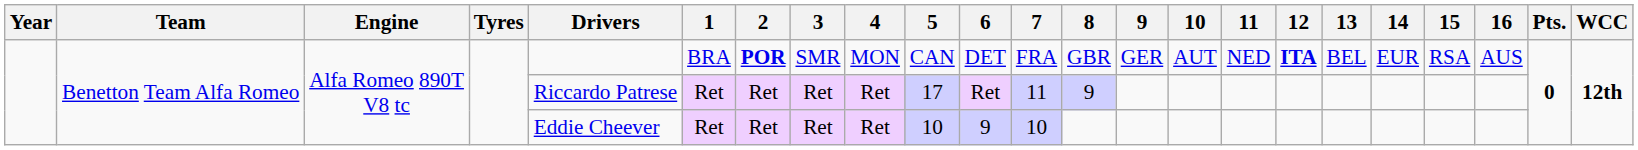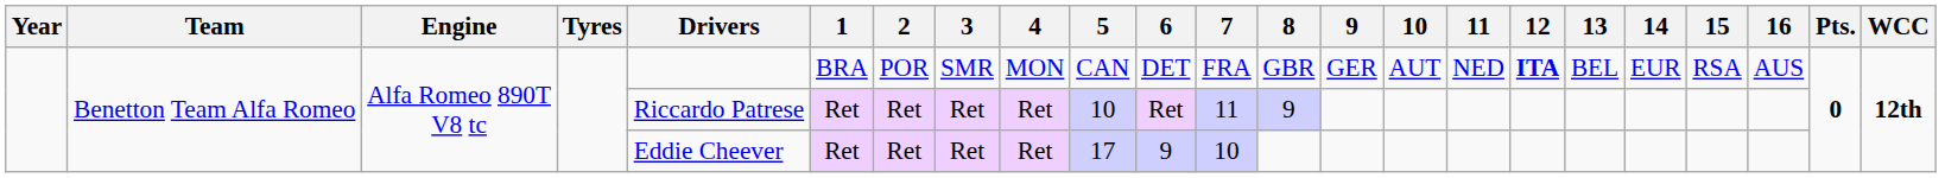 <table class="wikitable" style="text-align:center; font-size:95%">
 <tr>
 <th>Year</th>
 <th>Team</th>
 <th>Engine</th>
 <th>Tyres</th>
 <th>Drivers</th>
 <th>1</th>
 <th>2</th>
 <th>3</th>
 <th>4</th>
 <th>5</th>
 <th>6</th>
 <th>7</th>
 <th>8</th>
 <th>9</th>
 <th>10</th>
 <th>11</th>
 <th>12</th>
 <th>13</th>
 <th>14</th>
 <th>15</th>
 <th>16</th>
 <th>Pts.</th>
 <th>WCC</th>
 </tr>
 <tr>
 <td rowspan="3"></td>
 <td rowspan="3"><a href='#'>Benetton</a> <a href='#'>Team Alfa Romeo</a></td>
 <td rowspan="3"><a href='#'>Alfa Romeo</a> <a href='#'>890T</a><br><a href='#'>V8</a> <a href='#'>tc</a></td>
 <td rowspan="3"></td>
 <td></td>
 <td><a href='#'>BRA</a></td>
-<td><strong><a href='#'>POR</a></strong></td>
+<td><a href='#'>POR</a></td>
 <td><a href='#'>SMR</a></td>
 <td><a href='#'>MON</a></td>
 <td><a href='#'>CAN</a></td>
 <td><a href='#'>DET</a></td>
 <td><a href='#'>FRA</a></td>
 <td><a href='#'>GBR</a></td>
 <td><a href='#'>GER</a></td>
 <td><a href='#'>AUT</a></td>
 <td><a href='#'>NED</a></td>
 <td><strong><a href='#'>ITA</a></strong></td>
 <td><a href='#'>BEL</a></td>
 <td><a href='#'>EUR</a></td>
 <td><a href='#'>RSA</a></td>
 <td><a href='#'>AUS</a></td>
 <td rowspan="3"><strong>0</strong></td>
 <td rowspan="3"><strong>12th</strong></td>
 </tr>
 <tr>
 <td align="left"><a href='#'>Riccardo Patrese</a></td>
 <td style="background:#efcfff;">Ret</td>
 <td style="background:#efcfff;">Ret</td>
 <td style="background:#efcfff;">Ret</td>
 <td style="background:#efcfff;">Ret</td>
-<td style="background:#cfcfff;">17</td>
+<td style="background:#cfcfff;">10</td>
 <td style="background:#efcfff;">Ret</td>
 <td style="background:#cfcfff;">11</td>
 <td style="background:#cfcfff;">9</td>
 <td></td>
 <td></td>
 <td></td>
 <td></td>
 <td></td>
 <td></td>
 <td></td>
 <td></td>
 </tr>
 <tr>
 <td align="left"><a href='#'>Eddie Cheever</a></td>
 <td style="background:#efcfff;">Ret</td>
 <td style="background:#efcfff;">Ret</td>
 <td style="background:#efcfff;">Ret</td>
 <td style="background:#efcfff;">Ret</td>
-<td style="background:#cfcfff;">10</td>
+<td style="background:#cfcfff;">17</td>
 <td style="background:#cfcfff;">9</td>
 <td style="background:#cfcfff;">10</td>
 <td></td>
 <td></td>
 <td></td>
 <td></td>
 <td></td>
 <td></td>
 <td></td>
 <td></td>
 <td></td>
 </tr>
 </table>
